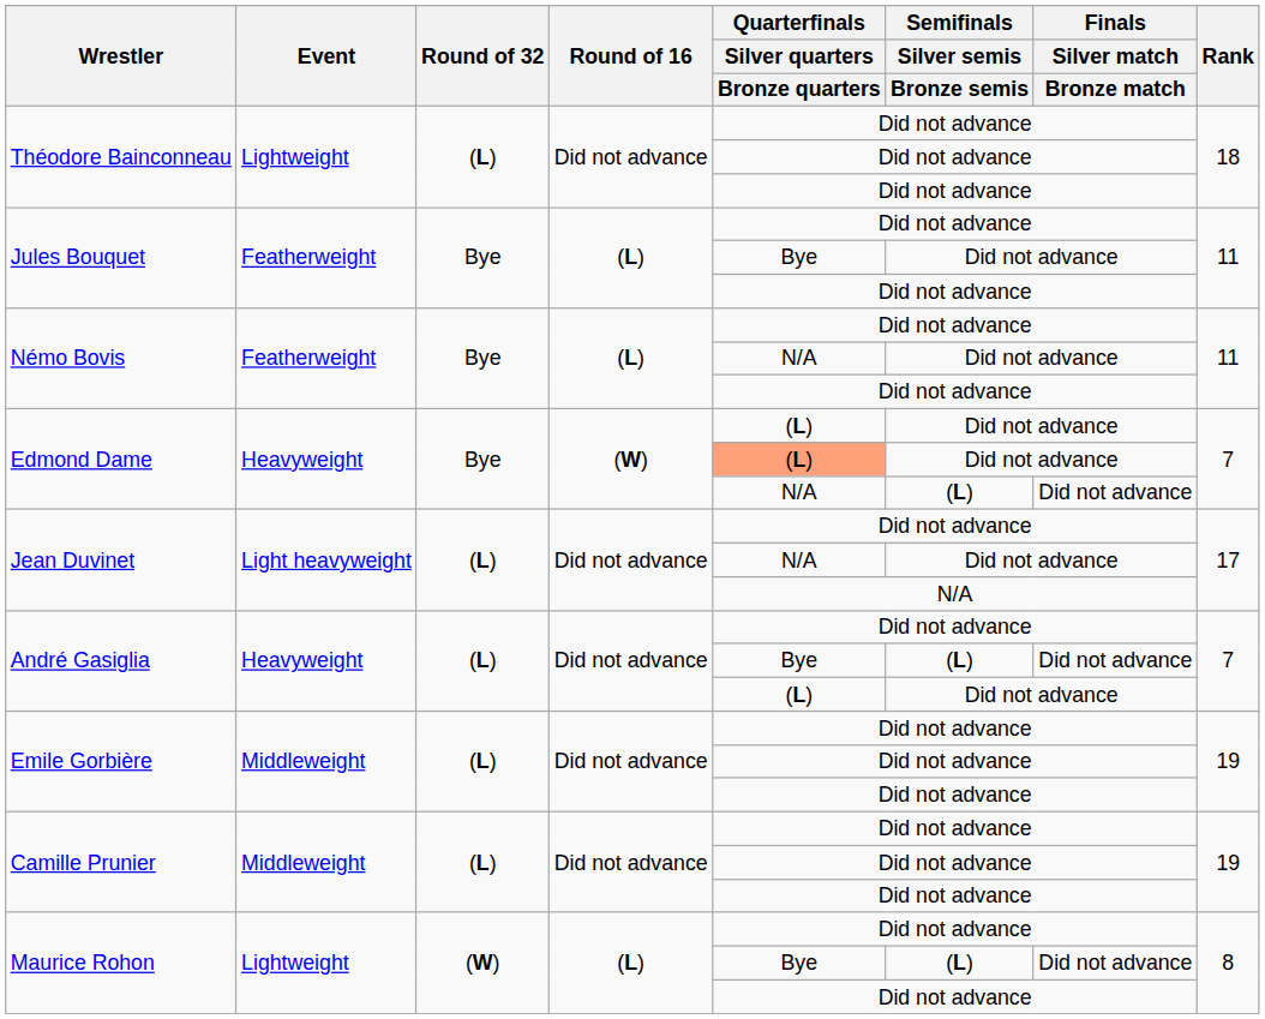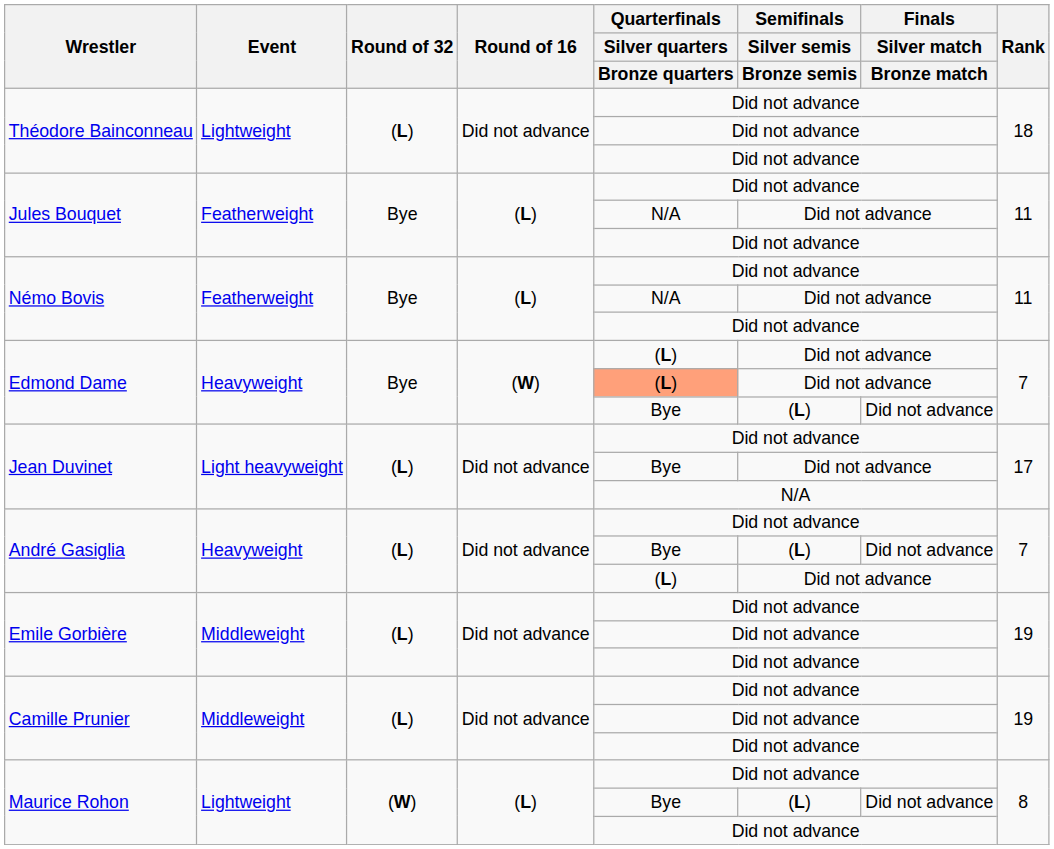 <table class=wikitable style="font-size:90%">
 <tr>
 <th rowspan=3>Wrestler</th>
 <th rowspan=3>Event</th>
 <th rowspan=3>Round of 32</th>
 <th rowspan=3>Round of 16</th>
 <th>Quarterfinals</th>
 <th>Semifinals</th>
 <th>Finals</th>
 <th rowspan=3>Rank</th>
 </tr>
 <tr>
 <th>Silver quarters</th>
 <th>Silver semis</th>
 <th>Silver match</th>
 </tr>
 <tr>
 <th>Bronze quarters</th>
 <th>Bronze semis</th>
 <th>Bronze match</th>
 </tr>
 <tr>
 <td rowspan=3><a href='#'>Théodore Bainconneau</a></td>
 <td rowspan=3><a href='#'>Lightweight</a></td>
 <td align=center rowspan=3> (<strong>L</strong>)</td>
 <td align=center rowspan=3>Did not advance</td>
 <td align=center colspan=3>Did not advance</td>
 <td align=center rowspan=3>18</td>
 </tr>
 <tr>
 <td align=center colspan=3>Did not advance</td>
 </tr>
 <tr>
 <td align=center colspan=3>Did not advance</td>
 </tr>
 <tr>
 <td rowspan=3><a href='#'>Jules Bouquet</a></td>
 <td rowspan=3><a href='#'>Featherweight</a></td>
 <td align=center rowspan=3>Bye</td>
 <td align=center rowspan=3> (<strong>L</strong>)</td>
 <td align=center colspan=3>Did not advance</td>
 <td align=center rowspan=3>11</td>
 </tr>
 <tr>
-<td align=center>Bye</td>
+<td align=center>N/A</td>
 <td align=center colspan=2>Did not advance</td>
 </tr>
 <tr>
 <td align=center colspan=3>Did not advance</td>
 </tr>
 <tr>
 <td rowspan=3><a href='#'>Némo Bovis</a></td>
 <td rowspan=3><a href='#'>Featherweight</a></td>
 <td align=center rowspan=3>Bye</td>
 <td align=center rowspan=3> (<strong>L</strong>)</td>
 <td align=center colspan=3>Did not advance</td>
 <td align=center rowspan=3>11</td>
 </tr>
 <tr>
 <td align=center>N/A</td>
 <td align=center colspan=2>Did not advance</td>
 </tr>
 <tr>
 <td align=center colspan=3>Did not advance</td>
 </tr>
 <tr>
 <td rowspan=3><a href='#'>Edmond Dame</a></td>
 <td rowspan=3><a href='#'>Heavyweight</a></td>
 <td align=center rowspan=3>Bye</td>
 <td align=center rowspan=3> (<strong>W</strong>)</td>
 <td align=center> (<strong>L</strong>)</td>
 <td align=center colspan=2>Did not advance</td>
 <td align=center rowspan=3>7</td>
 </tr>
 <tr>
 <td align=center style="background: lightsalmon;"> (<strong>L</strong>)</td>
 <td align=center colspan=2>Did not advance</td>
 </tr>
 <tr>
-<td align=center>N/A</td>
+<td align=center>Bye</td>
 <td align=center> (<strong>L</strong>)</td>
 <td align=center>Did not advance</td>
 </tr>
 <tr>
 <td rowspan=3><a href='#'>Jean Duvinet</a></td>
 <td rowspan=3><a href='#'>Light heavyweight</a></td>
 <td align=center rowspan=3> (<strong>L</strong>)</td>
 <td align=center rowspan=3>Did not advance</td>
 <td align=center colspan=3>Did not advance</td>
 <td align=center rowspan=3>17</td>
 </tr>
 <tr>
-<td align=center>N/A</td>
+<td align=center>Bye</td>
 <td align=center colspan=2>Did not advance</td>
 </tr>
 <tr>
 <td align=center colspan=3>N/A</td>
 </tr>
 <tr>
 <td rowspan=3><a href='#'>André Gasiglia</a></td>
 <td rowspan=3><a href='#'>Heavyweight</a></td>
 <td align=center rowspan=3> (<strong>L</strong>)</td>
 <td align=center rowspan=3>Did not advance</td>
 <td align=center colspan=3>Did not advance</td>
 <td align=center rowspan=3>7</td>
 </tr>
 <tr>
 <td align=center>Bye</td>
 <td align=center> (<strong>L</strong>)</td>
 <td align=center>Did not advance</td>
 </tr>
 <tr>
 <td align=center> (<strong>L</strong>)</td>
 <td align=center colspan=2>Did not advance</td>
 </tr>
 <tr>
 <td rowspan=3><a href='#'>Emile Gorbière</a></td>
 <td rowspan=3><a href='#'>Middleweight</a></td>
 <td align=center rowspan=3> (<strong>L</strong>)</td>
 <td align=center rowspan=3>Did not advance</td>
 <td align=center colspan=3>Did not advance</td>
 <td align=center rowspan=3>19</td>
 </tr>
 <tr>
 <td align=center colspan=3>Did not advance</td>
 </tr>
 <tr>
 <td align=center colspan=3>Did not advance</td>
 </tr>
 <tr>
 <td rowspan=3><a href='#'>Camille Prunier</a></td>
 <td rowspan=3><a href='#'>Middleweight</a></td>
 <td align=center rowspan=3> (<strong>L</strong>)</td>
 <td align=center rowspan=3>Did not advance</td>
 <td align=center colspan=3>Did not advance</td>
 <td align=center rowspan=3>19</td>
 </tr>
 <tr>
 <td align=center colspan=3>Did not advance</td>
 </tr>
 <tr>
 <td align=center colspan=3>Did not advance</td>
 </tr>
 <tr>
 <td rowspan=3><a href='#'>Maurice Rohon</a></td>
 <td rowspan=3><a href='#'>Lightweight</a></td>
 <td align=center rowspan=3> (<strong>W</strong>)</td>
 <td align=center rowspan=3> (<strong>L</strong>)</td>
 <td align=center colspan=3>Did not advance</td>
 <td align=center rowspan=3>8</td>
 </tr>
 <tr>
 <td align=center>Bye</td>
 <td align=center> (<strong>L</strong>)</td>
 <td align=center>Did not advance</td>
 </tr>
 <tr>
 <td align=center colspan=3>Did not advance</td>
 </tr>
 </table>
